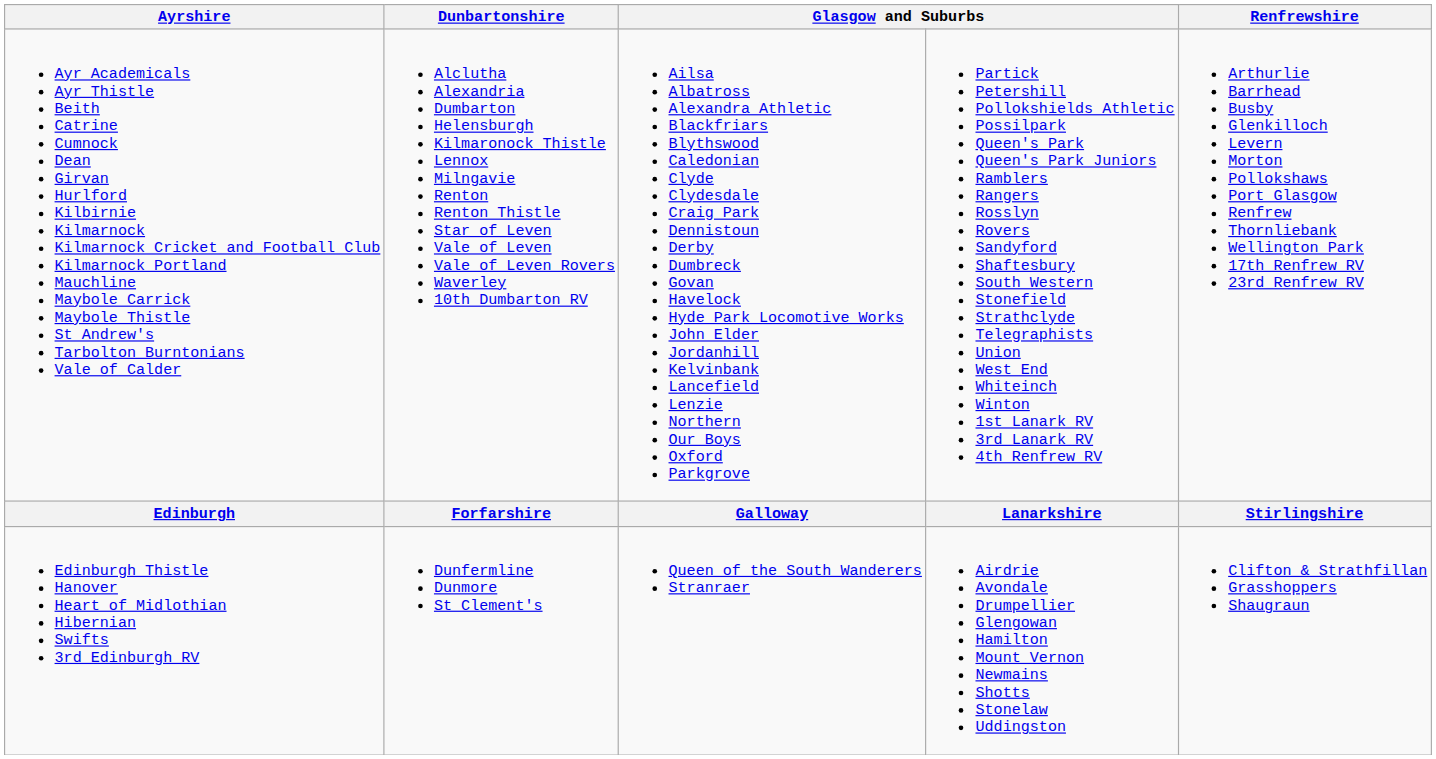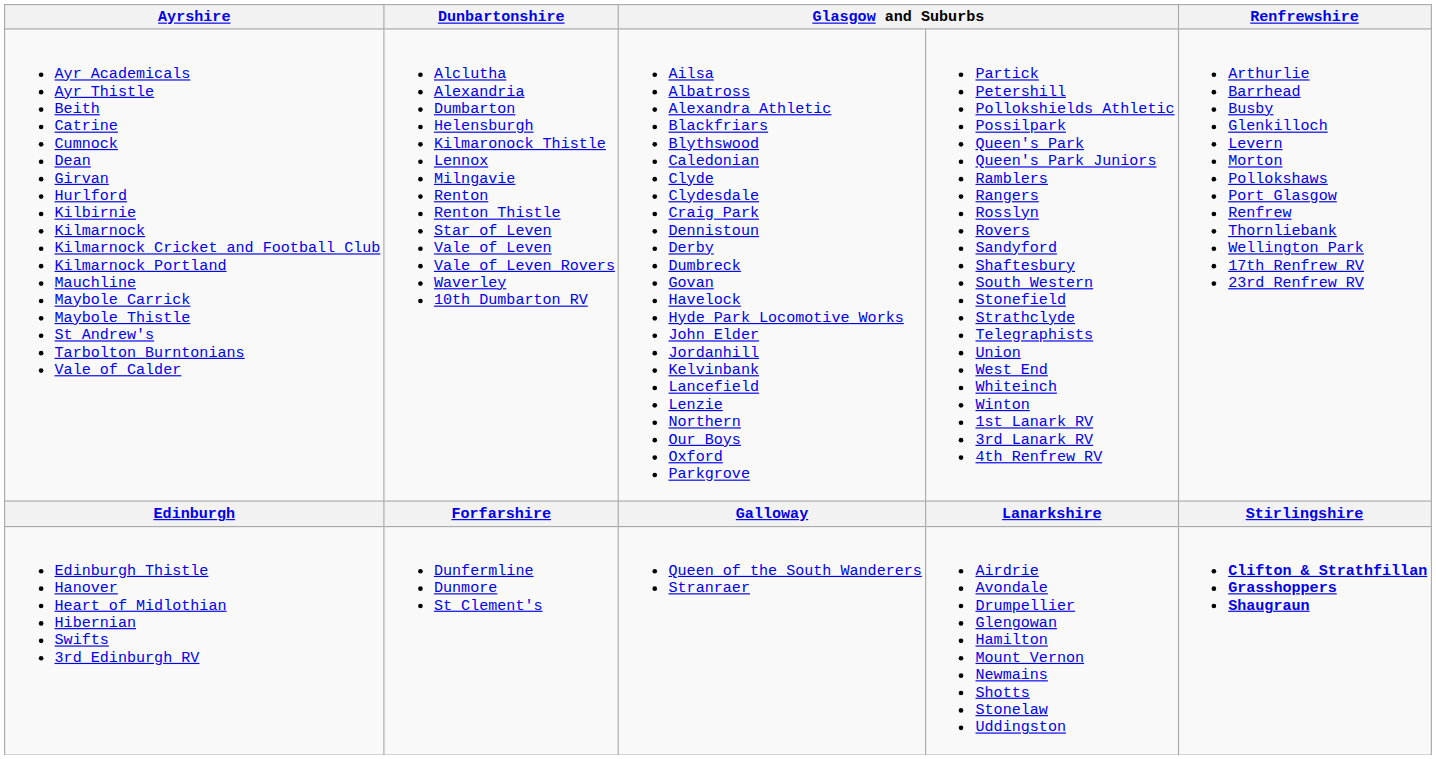 <table class="wikitable" style="text-align:left">
 <tr>
 <th><a href='#'>Ayrshire</a></th>
 <th><a href='#'>Dunbartonshire</a></th>
 <th colspan=2><a href='#'>Glasgow</a> and Suburbs</th>
 <th><a href='#'>Renfrewshire</a></th>
 </tr>
 <tr>
 <td valign=top><br><ul><li><a href='#'>Ayr Academicals</a></li><li><a href='#'>Ayr Thistle</a></li><li><a href='#'>Beith</a></li><li><a href='#'>Catrine</a></li><li><a href='#'>Cumnock</a></li><li><a href='#'>Dean</a></li><li><a href='#'>Girvan</a></li><li><a href='#'>Hurlford</a></li><li><a href='#'>Kilbirnie</a></li><li><a href='#'>Kilmarnock</a></li><li><a href='#'>Kilmarnock Cricket and Football Club</a></li><li><a href='#'>Kilmarnock Portland</a></li><li><a href='#'>Mauchline</a></li><li><a href='#'>Maybole Carrick</a></li><li><a href='#'>Maybole Thistle</a></li><li><a href='#'>St Andrew's</a></li><li><a href='#'>Tarbolton Burntonians</a></li><li><a href='#'>Vale of Calder</a></li></ul></td>
 <td valign=top><br><ul><li><a href='#'>Alclutha</a></li><li><a href='#'>Alexandria</a></li><li><a href='#'>Dumbarton</a></li><li><a href='#'>Helensburgh</a></li><li><a href='#'>Kilmaronock Thistle</a></li><li><a href='#'>Lennox</a></li><li><a href='#'>Milngavie</a></li><li><a href='#'>Renton</a></li><li><a href='#'>Renton Thistle</a></li><li><a href='#'>Star of Leven</a></li><li><a href='#'>Vale of Leven</a></li><li><a href='#'>Vale of Leven Rovers</a></li><li><a href='#'>Waverley</a></li><li><a href='#'>10th Dumbarton RV</a></li></ul></td>
 <td valign=top><br><ul><li><a href='#'>Ailsa</a></li><li><a href='#'>Albatross</a></li><li><a href='#'>Alexandra Athletic</a></li><li><a href='#'>Blackfriars</a></li><li><a href='#'>Blythswood</a></li><li><a href='#'>Caledonian</a></li><li><a href='#'>Clyde</a></li><li><a href='#'>Clydesdale</a></li><li><a href='#'>Craig Park</a></li><li><a href='#'>Dennistoun</a></li><li><a href='#'>Derby</a></li><li><a href='#'>Dumbreck</a></li><li><a href='#'>Govan</a></li><li><a href='#'>Havelock</a></li><li><a href='#'>Hyde Park Locomotive Works</a></li><li><a href='#'>John Elder</a></li><li><a href='#'>Jordanhill</a></li><li><a href='#'>Kelvinbank</a></li><li><a href='#'>Lancefield</a></li><li><a href='#'>Lenzie</a></li><li><a href='#'>Northern</a></li><li><a href='#'>Our Boys</a></li><li><a href='#'>Oxford</a></li><li><a href='#'>Parkgrove</a></li></ul></td>
 <td valign=top><br><ul><li><a href='#'>Partick</a></li><li><a href='#'>Petershill</a></li><li><a href='#'>Pollokshields Athletic</a></li><li><a href='#'>Possilpark</a></li><li><a href='#'>Queen's Park</a></li><li><a href='#'>Queen's Park Juniors</a></li><li><a href='#'>Ramblers</a></li><li><a href='#'>Rangers</a></li><li><a href='#'>Rosslyn</a></li><li><a href='#'>Rovers</a></li><li><a href='#'>Sandyford</a></li><li><a href='#'>Shaftesbury</a></li><li><a href='#'>South Western</a></li><li><a href='#'>Stonefield</a></li><li><a href='#'>Strathclyde</a></li><li><a href='#'>Telegraphists</a></li><li><a href='#'>Union</a></li><li><a href='#'>West End</a></li><li><a href='#'>Whiteinch</a></li><li><a href='#'>Winton</a></li><li><a href='#'>1st Lanark RV</a></li><li><a href='#'>3rd Lanark RV</a></li><li><a href='#'>4th Renfrew RV</a></li></ul></td>
 <td valign=top><br><ul><li><a href='#'>Arthurlie</a></li><li><a href='#'>Barrhead</a></li><li><a href='#'>Busby</a></li><li><a href='#'>Glenkilloch</a></li><li><a href='#'>Levern</a></li><li><a href='#'>Morton</a></li><li><a href='#'>Pollokshaws</a></li><li><a href='#'>Port Glasgow</a></li><li><a href='#'>Renfrew</a></li><li><a href='#'>Thornliebank</a></li><li><a href='#'>Wellington Park</a></li><li><a href='#'>17th Renfrew RV</a></li><li><a href='#'>23rd Renfrew RV</a></li></ul></td>
 </tr>
 <tr>
 <th><a href='#'>Edinburgh</a></th>
 <th><a href='#'>Forfarshire</a></th>
 <th><a href='#'>Galloway</a></th>
 <th><a href='#'>Lanarkshire</a></th>
 <th><a href='#'>Stirlingshire</a></th>
 </tr>
 <tr>
 <td valign=top><br><ul><li><a href='#'>Edinburgh Thistle</a></li><li><a href='#'>Hanover</a></li><li><a href='#'>Heart of Midlothian</a></li><li><a href='#'>Hibernian</a></li><li><a href='#'>Swifts</a></li><li><a href='#'>3rd Edinburgh RV</a></li></ul></td>
 <td valign=top><br><ul><li><a href='#'>Dunfermline</a></li><li><a href='#'>Dunmore</a></li><li><a href='#'>St Clement's</a></li></ul></td>
 <td valign=top><br><ul><li><a href='#'>Queen of the South Wanderers</a></li><li><a href='#'>Stranraer</a></li></ul></td>
 <td valign=top><br><ul><li><a href='#'>Airdrie</a></li><li><a href='#'>Avondale</a></li><li><a href='#'>Drumpellier</a></li><li><a href='#'>Glengowan</a></li><li><a href='#'>Hamilton</a></li><li><a href='#'>Mount Vernon</a></li><li><a href='#'>Newmains</a></li><li><a href='#'>Shotts</a></li><li><a href='#'>Stonelaw</a></li><li><a href='#'>Uddingston</a></li></ul></td>
-<td valign=top><br><ul><li><a href='#'>Clifton & Strathfillan</a></li><li><a href='#'>Grasshoppers</a></li><li><a href='#'>Shaugraun</a></li></ul></td>
+<td valign=top><strong><br><ul><li><a href='#'>Clifton & Strathfillan</a></li><li><a href='#'>Grasshoppers</a></li><li><a href='#'>Shaugraun</a></li></ul></strong></td>
 </tr>
 </table>
